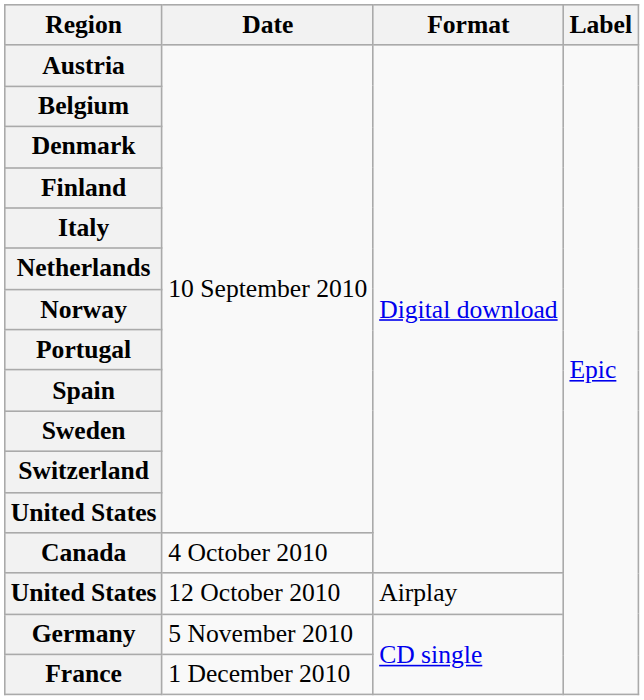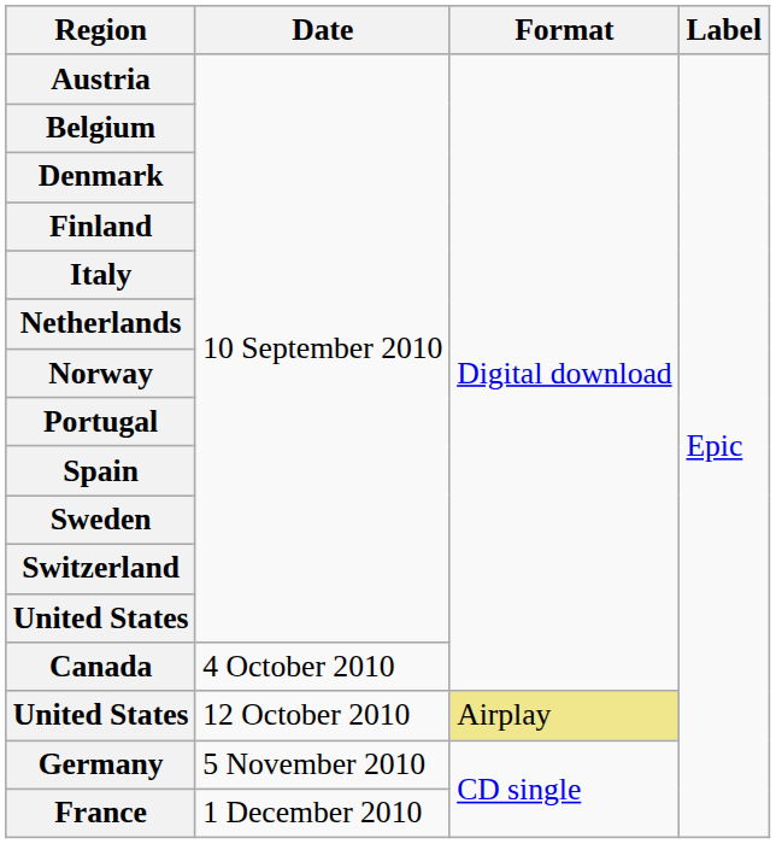 <table class="wikitable plainrowheaders">
 <tr>
 <th>Region</th>
 <th>Date</th>
 <th>Format</th>
 <th>Label</th>
 </tr>
 <tr>
 <th scope="row">Austria</th>
 <td rowspan="12">10 September 2010</td>
 <td rowspan="13"><a href='#'>Digital download</a></td>
 <td rowspan="16"><a href='#'>Epic</a></td>
 </tr>
 <tr>
 <th scope="row">Belgium</th>
 </tr>
 <tr>
 <th scope="row">Denmark</th>
 </tr>
 <tr>
 <th scope="row">Finland</th>
 </tr>
 <tr>
 <th scope="row">Italy</th>
 </tr>
 <tr>
 <th scope="row">Netherlands</th>
 </tr>
 <tr>
 <th scope="row">Norway</th>
 </tr>
 <tr>
 <th scope="row">Portugal</th>
 </tr>
 <tr>
 <th scope="row">Spain</th>
 </tr>
 <tr>
 <th scope="row">Sweden</th>
 </tr>
 <tr>
 <th scope="row">Switzerland</th>
 </tr>
 <tr>
 <th scope="row">United States</th>
 </tr>
 <tr>
 <th scope="row">Canada</th>
 <td>4 October 2010</td>
 </tr>
 <tr>
 <th scope="row">United States</th>
 <td>12 October 2010</td>
-<td>Airplay</td>
+<td style="background: khaki;">Airplay</td>
 </tr>
 <tr>
 <th scope="row">Germany</th>
 <td>5 November 2010</td>
 <td rowspan="2"><a href='#'>CD single</a></td>
 </tr>
 <tr>
 <th scope="row">France</th>
 <td>1 December 2010</td>
 </tr>
 </table>
